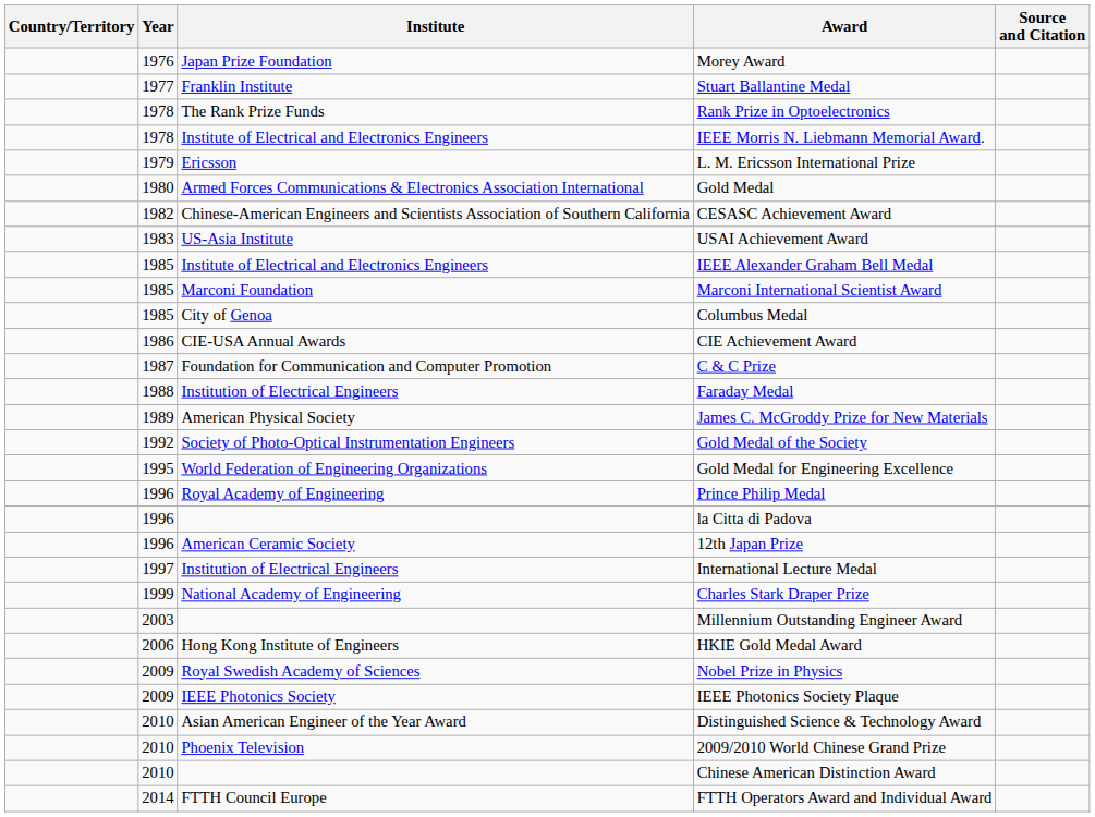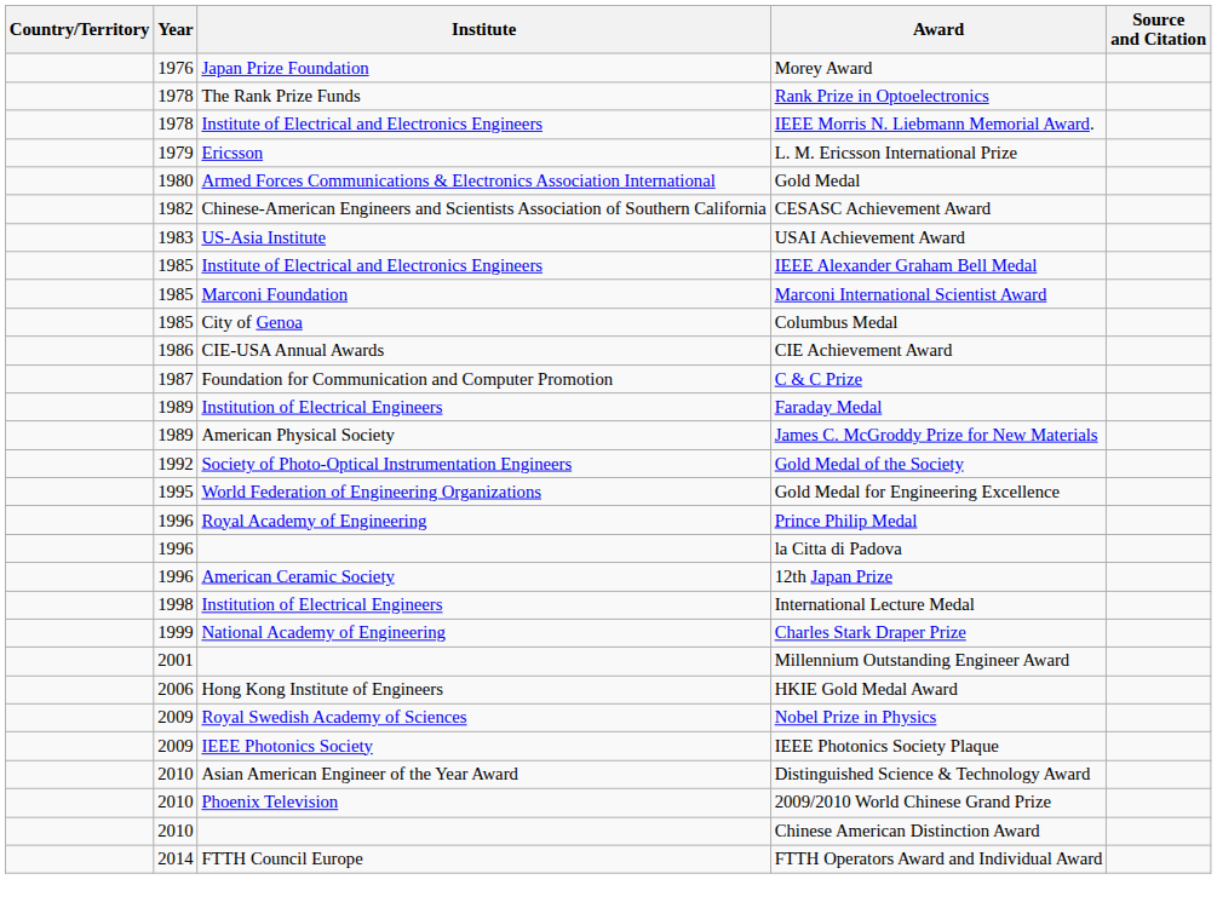 <table class="wikitable">
 <tr>
 <th>Country/Territory</th>
 <th>Year</th>
 <th>Institute</th>
 <th>Award</th>
 <th>Source<br>and Citation</th>
 </tr>
 <tr>
 <td></td>
 <td>1976</td>
 <td><a href='#'>Japan Prize Foundation</a></td>
 <td>Morey Award</td>
-<td></td>
-</tr>
-<tr>
-<td></td>
-<td>1977</td>
-<td><a href='#'>Franklin Institute</a></td>
-<td><a href='#'>Stuart Ballantine Medal</a></td>
 <td></td>
 </tr>
 <tr>
 <td></td>
 <td>1978</td>
 <td>The Rank Prize Funds</td>
 <td><a href='#'>Rank Prize in Optoelectronics</a></td>
 <td></td>
 </tr>
 <tr>
 <td></td>
 <td>1978</td>
 <td><a href='#'>Institute of Electrical and Electronics Engineers</a></td>
 <td><a href='#'>IEEE Morris N. Liebmann Memorial Award</a>.</td>
 <td></td>
 </tr>
 <tr>
 <td></td>
 <td>1979</td>
 <td><a href='#'>Ericsson</a></td>
 <td>L. M. Ericsson International Prize</td>
 <td></td>
 </tr>
 <tr>
 <td></td>
 <td>1980</td>
 <td><a href='#'>Armed Forces Communications & Electronics Association International</a></td>
 <td>Gold Medal</td>
 <td></td>
 </tr>
 <tr>
 <td></td>
 <td>1982</td>
 <td>Chinese-American Engineers and Scientists Association of Southern California</td>
 <td>CESASC Achievement Award</td>
 <td></td>
 </tr>
 <tr>
 <td></td>
 <td>1983</td>
 <td><a href='#'>US-Asia Institute</a></td>
 <td>USAI Achievement Award</td>
 <td></td>
 </tr>
 <tr>
 <td></td>
 <td>1985</td>
 <td><a href='#'>Institute of Electrical and Electronics Engineers</a></td>
 <td><a href='#'>IEEE Alexander Graham Bell Medal</a></td>
 <td></td>
 </tr>
 <tr>
 <td></td>
 <td>1985</td>
 <td><a href='#'>Marconi Foundation</a></td>
 <td><a href='#'>Marconi International Scientist Award</a></td>
 <td></td>
 </tr>
 <tr>
 <td></td>
 <td>1985</td>
 <td>City of <a href='#'>Genoa</a></td>
 <td>Columbus Medal</td>
 <td></td>
 </tr>
 <tr>
 <td></td>
 <td>1986</td>
 <td>CIE-USA Annual Awards</td>
 <td>CIE Achievement Award</td>
 <td></td>
 </tr>
 <tr>
 <td></td>
 <td>1987</td>
 <td>Foundation for Communication and Computer Promotion</td>
 <td><a href='#'>C & C Prize</a></td>
 <td></td>
 </tr>
 <tr>
 <td></td>
-<td>1988</td>
+<td>1989</td>
 <td><a href='#'>Institution of Electrical Engineers</a></td>
 <td><a href='#'>Faraday Medal</a></td>
 <td></td>
 </tr>
 <tr>
 <td></td>
 <td>1989</td>
 <td>American Physical Society</td>
 <td><a href='#'>James C. McGroddy Prize for New Materials</a></td>
 <td></td>
 </tr>
 <tr>
 <td></td>
 <td>1992</td>
 <td><a href='#'>Society of Photo-Optical Instrumentation Engineers</a></td>
 <td><a href='#'>Gold Medal of the Society</a></td>
 <td></td>
 </tr>
 <tr>
 <td></td>
 <td>1995</td>
 <td><a href='#'>World Federation of Engineering Organizations</a></td>
 <td>Gold Medal for Engineering Excellence</td>
 <td></td>
 </tr>
 <tr>
 <td></td>
 <td>1996</td>
 <td><a href='#'>Royal Academy of Engineering</a></td>
 <td><a href='#'>Prince Philip Medal</a></td>
 <td></td>
 </tr>
 <tr>
 <td></td>
 <td>1996</td>
 <td></td>
 <td>la Citta di Padova</td>
 <td></td>
 </tr>
 <tr>
 <td></td>
 <td>1996</td>
 <td><a href='#'>American Ceramic Society</a></td>
 <td>12th <a href='#'>Japan Prize</a></td>
 <td></td>
 </tr>
 <tr>
 <td></td>
-<td>1997</td>
+<td>1998</td>
 <td><a href='#'>Institution of Electrical Engineers</a></td>
 <td>International Lecture Medal</td>
 <td></td>
 </tr>
 <tr>
 <td></td>
 <td>1999</td>
 <td><a href='#'>National Academy of Engineering</a></td>
 <td><a href='#'>Charles Stark Draper Prize</a></td>
 <td></td>
 </tr>
 <tr>
 <td></td>
-<td>2003</td>
+<td>2001</td>
 <td></td>
 <td>Millennium Outstanding Engineer Award</td>
 <td></td>
 </tr>
 <tr>
 <td></td>
 <td>2006</td>
 <td>Hong Kong Institute of Engineers</td>
 <td>HKIE Gold Medal Award</td>
 <td></td>
 </tr>
 <tr>
 <td></td>
 <td>2009</td>
 <td><a href='#'>Royal Swedish Academy of Sciences</a></td>
 <td><a href='#'>Nobel Prize in Physics</a></td>
 <td></td>
 </tr>
 <tr>
 <td></td>
 <td>2009</td>
 <td><a href='#'>IEEE Photonics Society</a></td>
 <td>IEEE Photonics Society Plaque</td>
 <td></td>
 </tr>
 <tr>
 <td></td>
 <td>2010</td>
 <td>Asian American Engineer of the Year Award</td>
 <td>Distinguished Science & Technology Award</td>
 <td></td>
 </tr>
 <tr>
 <td></td>
 <td>2010</td>
 <td><a href='#'>Phoenix Television</a></td>
 <td>2009/2010 World Chinese Grand Prize</td>
 <td></td>
 </tr>
 <tr>
 <td></td>
 <td>2010</td>
 <td></td>
 <td>Chinese American Distinction Award</td>
 <td></td>
 </tr>
 <tr>
 <td></td>
 <td>2014</td>
 <td>FTTH Council Europe</td>
 <td>FTTH Operators Award and Individual Award</td>
 <td></td>
 </tr>
 </table>
